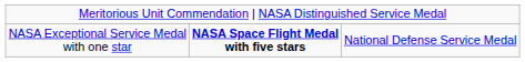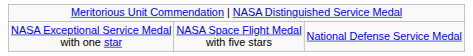 <table class="wikitable" style="margin:1em auto; text-align:center;">
 <tr>
 <td colspan=3><a href='#'>Meritorious Unit Commendation</a> | <a href='#'>NASA Distinguished Service Medal</a></td>
 </tr>
 <tr>
 <td><a href='#'>NASA Exceptional Service Medal</a><br>with one <a href='#'>star</a></td>
-<td><strong><a href='#'>NASA Space Flight Medal</a><br>with five stars</strong></td>
+<td><a href='#'>NASA Space Flight Medal</a><br>with five stars</td>
 <td><a href='#'>National Defense Service Medal</a></td>
 </tr>
 </table>
